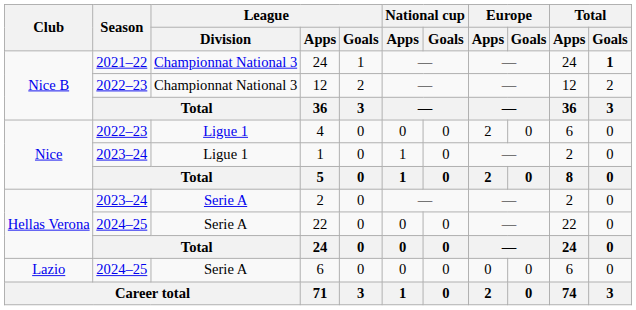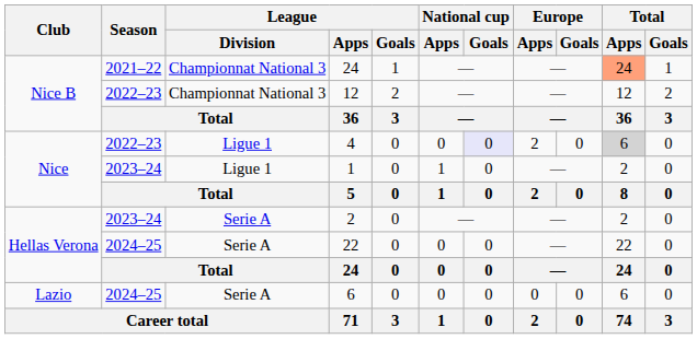 <table class="wikitable" style="text-align:center">
 <tr>
 <th rowspan="2">Club</th>
 <th rowspan="2">Season</th>
 <th colspan="3">League</th>
 <th colspan="2">National cup</th>
 <th colspan="2">Europe</th>
 <th colspan="2">Total</th>
 </tr>
 <tr>
 <th>Division</th>
 <th>Apps</th>
 <th>Goals</th>
 <th>Apps</th>
 <th>Goals</th>
 <th>Apps</th>
 <th>Goals</th>
 <th>Apps</th>
 <th>Goals</th>
 </tr>
 <tr>
 <td rowspan="3"><a href='#'>Nice B</a></td>
 <td><a href='#'>2021–22</a></td>
 <td><a href='#'>Championnat National 3</a></td>
 <td>24</td>
 <td>1</td>
 <td colspan="2">—</td>
 <td colspan="2">—</td>
-<td>24</td>
-<td><strong>1</strong></td>
+<td style="background: lightsalmon;">24</td>
+<td>1</td>
 </tr>
 <tr>
 <td><a href='#'>2022–23</a></td>
 <td>Championnat National 3</td>
 <td>12</td>
 <td>2</td>
 <td colspan="2">—</td>
 <td colspan="2">—</td>
 <td>12</td>
 <td>2</td>
 </tr>
 <tr>
 <th colspan="2">Total</th>
 <th>36</th>
 <th>3</th>
 <th colspan="2">—</th>
 <th colspan="2">—</th>
 <th>36</th>
 <th>3</th>
 </tr>
 <tr>
 <td rowspan="3"><a href='#'>Nice</a></td>
 <td><a href='#'>2022–23</a></td>
 <td><a href='#'>Ligue 1</a></td>
 <td>4</td>
 <td>0</td>
 <td>0</td>
-<td>0</td>
+<td style="background: lavender;">0</td>
 <td>2</td>
 <td>0</td>
-<td>6</td>
+<td style="background: lightgrey;">6</td>
 <td>0</td>
 </tr>
 <tr>
 <td><a href='#'>2023–24</a></td>
 <td>Ligue 1</td>
 <td>1</td>
 <td>0</td>
 <td>1</td>
 <td>0</td>
 <td colspan="2">—</td>
 <td>2</td>
 <td>0</td>
 </tr>
 <tr>
 <th colspan="2">Total</th>
 <th>5</th>
 <th>0</th>
 <th>1</th>
 <th>0</th>
 <th>2</th>
 <th>0</th>
 <th>8</th>
 <th>0</th>
 </tr>
 <tr>
 <td rowspan="3"><a href='#'>Hellas Verona</a></td>
 <td><a href='#'>2023–24</a></td>
 <td><a href='#'>Serie A</a></td>
 <td>2</td>
 <td>0</td>
 <td colspan="2">—</td>
 <td colspan="2">—</td>
 <td>2</td>
 <td>0</td>
 </tr>
 <tr>
 <td><a href='#'>2024–25</a></td>
 <td>Serie A</td>
 <td>22</td>
 <td>0</td>
 <td>0</td>
 <td>0</td>
 <td colspan="2">—</td>
 <td>22</td>
 <td>0</td>
 </tr>
 <tr>
 <th colspan="2">Total</th>
 <th>24</th>
 <th>0</th>
 <th>0</th>
 <th>0</th>
 <th colspan="2">—</th>
 <th>24</th>
 <th>0</th>
 </tr>
 <tr>
 <td><a href='#'>Lazio</a></td>
 <td><a href='#'>2024–25</a></td>
 <td>Serie A</td>
 <td>6</td>
 <td>0</td>
 <td>0</td>
 <td>0</td>
 <td>0</td>
 <td>0</td>
 <td>6</td>
 <td>0</td>
 </tr>
 <tr>
 <th colspan="3">Career total</th>
 <th>71</th>
 <th>3</th>
 <th>1</th>
 <th>0</th>
 <th>2</th>
 <th>0</th>
 <th>74</th>
 <th>3</th>
 </tr>
 </table>
